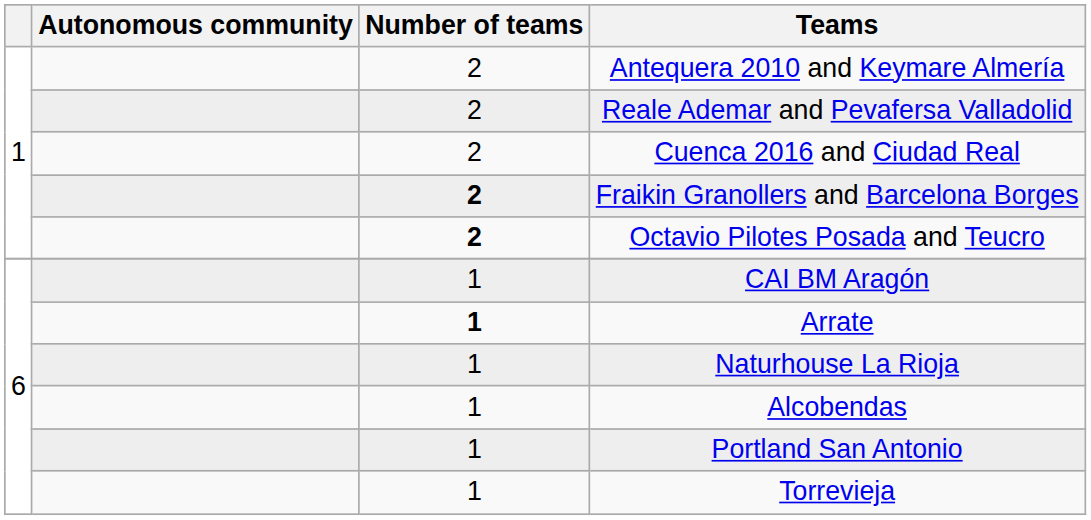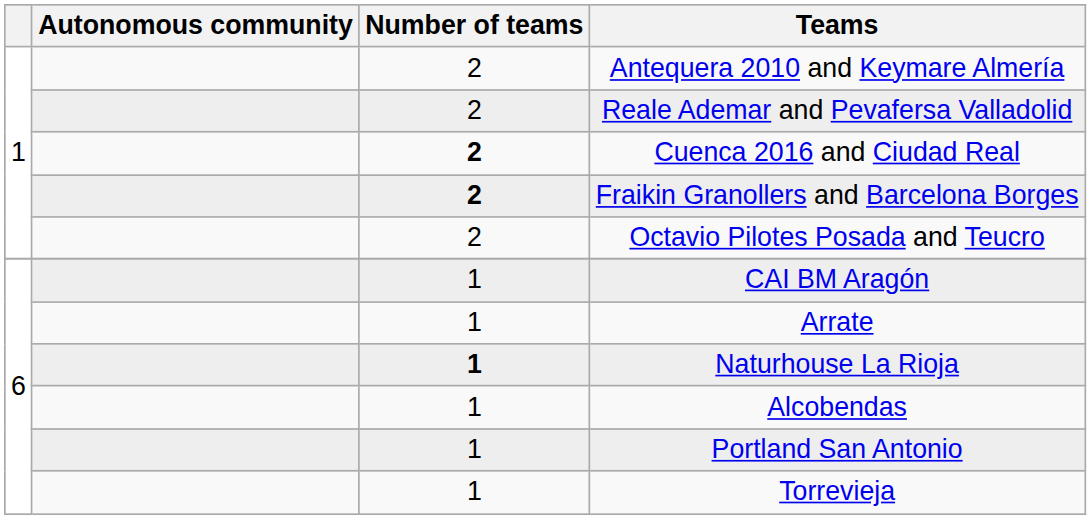 <table class="wikitable">
 <tr>
 <th></th>
 <th>Autonomous community</th>
 <th>Number of teams</th>
 <th>Teams</th>
 </tr>
 <tr>
 <td rowspan=5 bgcolor=white>1</td>
 <td></td>
 <td align=center>2</td>
 <td align=center><a href='#'>Antequera 2010</a> and <a href='#'>Keymare Almería</a></td>
 </tr>
 <tr bgcolor="EEEEEE">
 <td></td>
 <td align=center>2</td>
 <td align=center><a href='#'>Reale Ademar</a> and <a href='#'>Pevafersa Valladolid</a></td>
 </tr>
 <tr>
 <td></td>
-<td align=center>2</td>
+<td align=center><strong>2</strong></td>
 <td align=center><a href='#'>Cuenca 2016</a> and <a href='#'>Ciudad Real</a></td>
 </tr>
 <tr bgcolor="EEEEEE">
 <td></td>
 <td align=center><strong>2</strong></td>
 <td align=center><a href='#'>Fraikin Granollers</a> and <a href='#'>Barcelona Borges</a></td>
 </tr>
 <tr>
 <td></td>
-<td align=center><strong>2</strong></td>
+<td align=center>2</td>
 <td align=center><a href='#'>Octavio Pilotes Posada</a> and <a href='#'>Teucro</a></td>
 </tr>
 <tr>
 </tr>
 <tr bgcolor="EEEEEE">
 <td rowspan=6 bgcolor=white>6</td>
 <td></td>
 <td align=center>1</td>
 <td align=center><a href='#'>CAI BM Aragón</a></td>
 </tr>
 <tr>
 <td></td>
-<td align=center><strong>1</strong></td>
+<td align=center>1</td>
 <td align=center><a href='#'>Arrate</a></td>
 </tr>
 <tr bgcolor="EEEEEE">
 <td></td>
-<td align=center>1</td>
+<td align=center><strong>1</strong></td>
 <td align=center><a href='#'>Naturhouse La Rioja</a></td>
 </tr>
 <tr>
 <td></td>
 <td align=center>1</td>
 <td align=center><a href='#'>Alcobendas</a></td>
 </tr>
 <tr bgcolor="EEEEEE">
 <td></td>
 <td align=center>1</td>
 <td align=center><a href='#'>Portland San Antonio</a></td>
 </tr>
 <tr>
 <td></td>
 <td align=center>1</td>
 <td align=center><a href='#'>Torrevieja</a></td>
 </tr>
 </table>
